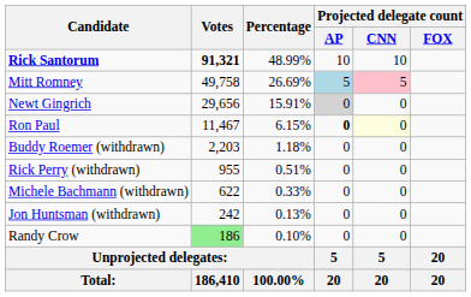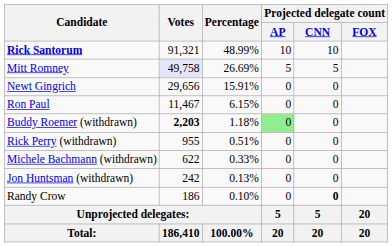 <table class="wikitable" style="text-align:right;">
 <tr>
 <th rowspan="2">Candidate</th>
 <th rowspan="2">Votes</th>
 <th rowspan="2">Percentage</th>
 <th colspan="3">Projected delegate count</th>
 </tr>
 <tr>
 <th><a href='#'>AP</a></th>
 <th><a href='#'>CNN</a></th>
 <th><a href='#'>FOX</a></th>
 </tr>
 <tr>
 <td style="text-align:left;"> <strong><a href='#'>Rick Santorum</a></strong></td>
-<td><strong>91,321</strong></td>
+<td>91,321</td>
 <td>48.99%</td>
 <td>10</td>
 <td>10</td>
 <td></td>
 </tr>
 <tr>
 <td style="text-align:left;"><a href='#'>Mitt Romney</a></td>
-<td>49,758</td>
+<td style="background: lavender;">49,758</td>
 <td>26.69%</td>
-<td style="background: lightblue;">5</td>
-<td style="background: pink;">5</td>
+<td>5</td>
+<td>5</td>
 <td></td>
 </tr>
 <tr>
 <td style="text-align:left;"><a href='#'>Newt Gingrich</a></td>
 <td>29,656</td>
 <td>15.91%</td>
-<td style="background: lightgrey;">0</td>
+<td>0</td>
 <td>0</td>
 <td></td>
 </tr>
 <tr>
 <td style="text-align:left;"><a href='#'>Ron Paul</a></td>
 <td>11,467</td>
 <td>6.15%</td>
-<td><strong>0</strong></td>
-<td style="background: lightyellow;">0</td>
+<td>0</td>
+<td>0</td>
 <td></td>
 </tr>
 <tr>
 <td style="text-align:left;"><a href='#'>Buddy Roemer</a> (withdrawn)</td>
-<td>2,203</td>
+<td><strong>2,203</strong></td>
 <td>1.18%</td>
-<td>0</td>
+<td style="background: lightgreen;">0</td>
 <td>0</td>
 <td></td>
 </tr>
 <tr>
 <td style="text-align:left;"><a href='#'>Rick Perry</a> (withdrawn)</td>
 <td>955</td>
 <td>0.51%</td>
 <td>0</td>
 <td>0</td>
 <td></td>
 </tr>
 <tr>
 <td style="text-align:left;"><a href='#'>Michele Bachmann</a> (withdrawn)</td>
 <td>622</td>
 <td>0.33%</td>
 <td>0</td>
 <td>0</td>
 <td></td>
 </tr>
 <tr>
 <td style="text-align:left;"><a href='#'>Jon Huntsman</a> (withdrawn)</td>
 <td>242</td>
 <td>0.13%</td>
 <td>0</td>
 <td>0</td>
 <td></td>
 </tr>
 <tr>
 <td style="text-align:left;">Randy Crow</td>
-<td style="background: lightgreen;">186</td>
+<td>186</td>
 <td>0.10%</td>
 <td>0</td>
-<td>0</td>
+<td><strong>0</strong></td>
 <td></td>
 </tr>
 <tr style="background:#eee;">
 <th colspan="3">Unprojected delegates:</th>
 <th>5</th>
 <th>5</th>
 <th>20</th>
 </tr>
 <tr style="background:#eee;">
 <th>Total:</th>
 <th>186,410</th>
 <th>100.00%</th>
 <th>20</th>
 <th>20</th>
 <th>20</th>
 </tr>
 </table>
